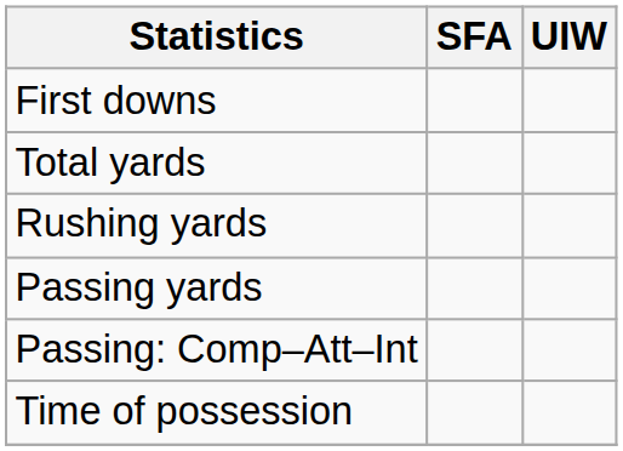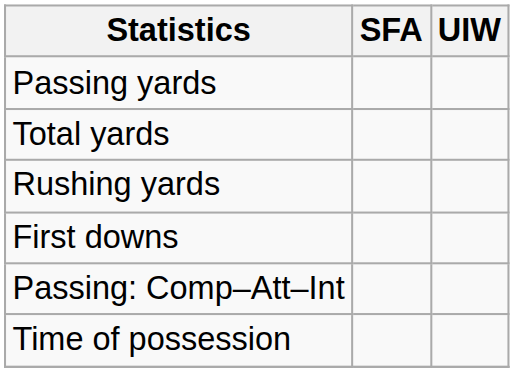 <table class="wikitable" style="float: left;">
 <tr>
 <th>Statistics</th>
 <th>SFA</th>
 <th>UIW</th>
 </tr>
 <tr>
-<td>First downs</td>
+<td>Passing yards</td>
 <td></td>
 <td></td>
 </tr>
 <tr>
 <td>Total yards</td>
 <td></td>
 <td></td>
 </tr>
 <tr>
 <td>Rushing yards</td>
 <td></td>
 <td></td>
 </tr>
 <tr>
-<td>Passing yards</td>
+<td>First downs</td>
 <td></td>
 <td></td>
 </tr>
 <tr>
 <td>Passing: Comp–Att–Int</td>
 <td></td>
 <td></td>
 </tr>
 <tr>
 <td>Time of possession</td>
 <td></td>
 <td></td>
 </tr>
 <tr>
 </tr>
 </table>
